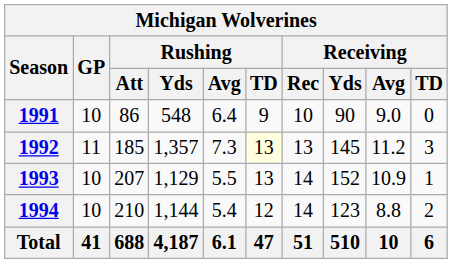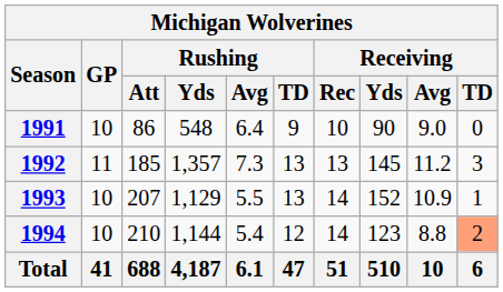 <table class="wikitable" style="text-align:center;">
 <tr>
 <th colspan="13">Michigan Wolverines</th>
 </tr>
 <tr>
 <th rowspan="2">Season</th>
 <th rowspan="2">GP</th>
 <th colspan="4">Rushing</th>
 <th colspan="4">Receiving</th>
 </tr>
 <tr>
 <th>Att</th>
 <th>Yds</th>
 <th>Avg</th>
 <th>TD</th>
 <th>Rec</th>
 <th>Yds</th>
 <th>Avg</th>
 <th>TD</th>
 </tr>
 <tr>
 <th><a href='#'>1991</a></th>
 <td>10</td>
 <td>86</td>
 <td>548</td>
 <td>6.4</td>
 <td>9</td>
 <td>10</td>
 <td>90</td>
 <td>9.0</td>
 <td>0</td>
 </tr>
 <tr>
 <th><a href='#'>1992</a></th>
 <td>11</td>
 <td>185</td>
 <td>1,357</td>
 <td>7.3</td>
-<td style="background: lightyellow;">13</td>
+<td>13</td>
 <td>13</td>
 <td>145</td>
 <td>11.2</td>
 <td>3</td>
 </tr>
 <tr>
 <th><a href='#'>1993</a></th>
 <td>10</td>
 <td>207</td>
 <td>1,129</td>
 <td>5.5</td>
 <td>13</td>
 <td>14</td>
 <td>152</td>
 <td>10.9</td>
 <td>1</td>
 </tr>
 <tr>
 <th><a href='#'>1994</a></th>
 <td>10</td>
 <td>210</td>
 <td>1,144</td>
 <td>5.4</td>
 <td>12</td>
 <td>14</td>
 <td>123</td>
 <td>8.8</td>
-<td>2</td>
+<td style="background: lightsalmon;">2</td>
 </tr>
 <tr>
 <th>Total</th>
 <th>41</th>
 <th>688</th>
 <th>4,187</th>
 <th>6.1</th>
 <th>47</th>
 <th>51</th>
 <th>510</th>
 <th>10</th>
 <th>6</th>
 </tr>
 </table>
